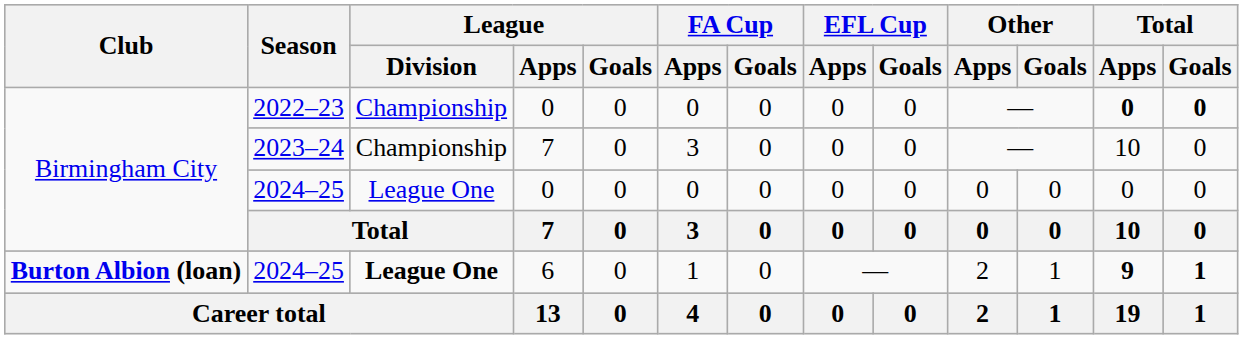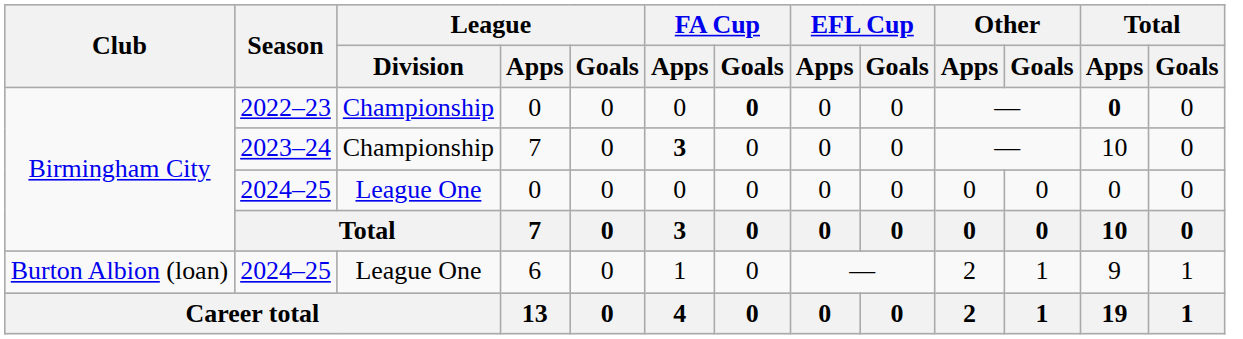 <table class=wikitable style=text-align:center>
 <tr>
 <th rowspan="2">Club</th>
 <th rowspan="2">Season</th>
 <th colspan="3">League</th>
 <th colspan="2"><a href='#'>FA Cup</a></th>
 <th colspan="2"><a href='#'>EFL Cup</a></th>
 <th colspan="2">Other</th>
 <th colspan="2">Total</th>
 </tr>
 <tr>
 <th>Division</th>
 <th>Apps</th>
 <th>Goals</th>
 <th>Apps</th>
 <th>Goals</th>
 <th>Apps</th>
 <th>Goals</th>
 <th>Apps</th>
 <th>Goals</th>
 <th>Apps</th>
 <th>Goals</th>
 </tr>
 <tr>
 <td rowspan="4"><a href='#'>Birmingham City</a></td>
 <td><a href='#'>2022–23</a></td>
 <td><a href='#'>Championship</a></td>
 <td>0</td>
 <td>0</td>
 <td>0</td>
-<td>0</td>
+<td><strong>0</strong></td>
 <td>0</td>
 <td>0</td>
 <td colspan="2">—</td>
 <td><strong>0</strong></td>
-<td><strong>0</strong></td>
+<td>0</td>
 </tr>
 <tr>
 <td><a href='#'>2023–24</a></td>
 <td>Championship</td>
 <td>7</td>
 <td>0</td>
-<td>3</td>
+<td><strong>3</strong></td>
 <td>0</td>
 <td>0</td>
 <td>0</td>
 <td colspan="2">—</td>
 <td>10</td>
 <td>0</td>
 </tr>
 <tr>
 <td><a href='#'>2024–25</a></td>
 <td><a href='#'>League One</a></td>
 <td>0</td>
 <td>0</td>
 <td>0</td>
 <td>0</td>
 <td>0</td>
 <td>0</td>
 <td>0</td>
 <td>0</td>
 <td>0</td>
 <td>0</td>
 </tr>
 <tr>
 <th colspan="2">Total</th>
 <th>7</th>
 <th>0</th>
 <th>3</th>
 <th>0</th>
 <th>0</th>
 <th>0</th>
 <th>0</th>
 <th>0</th>
 <th>10</th>
 <th>0</th>
 </tr>
 <tr>
-<td><strong><a href='#'>Burton Albion</a> (loan)</strong></td>
+<td><a href='#'>Burton Albion</a> (loan)</td>
 <td><a href='#'>2024–25</a></td>
-<td><strong>League One</strong></td>
+<td>League One</td>
 <td>6</td>
 <td>0</td>
 <td>1</td>
 <td>0</td>
 <td colspan="2">—</td>
 <td>2</td>
 <td>1</td>
-<td><strong>9</strong></td>
-<td><strong>1</strong></td>
+<td>9</td>
+<td>1</td>
 </tr>
 <tr>
 <th colspan="3">Career total</th>
 <th>13</th>
 <th>0</th>
 <th>4</th>
 <th>0</th>
 <th>0</th>
 <th>0</th>
 <th>2</th>
 <th>1</th>
 <th>19</th>
 <th>1</th>
 </tr>
 </table>
